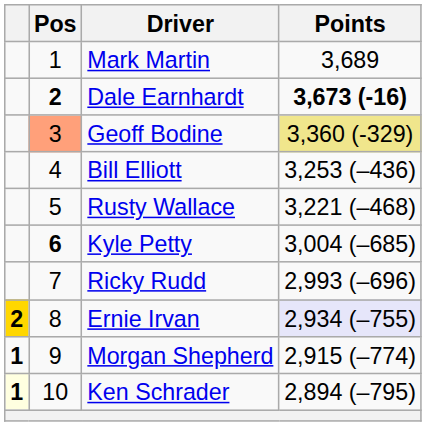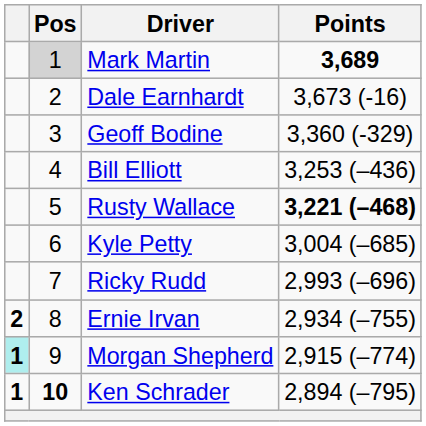 <table class="wikitable" style="font-size: 95%;">
 <tr>
 <th></th>
 <th>Pos</th>
 <th>Driver</th>
 <th>Points</th>
 </tr>
 <tr>
 <td align="left"></td>
-<td style="text-align:center;">1</td>
+<td style="background: lightgrey; text-align:center;">1</td>
 <td><a href='#'>Mark Martin</a></td>
-<td style="text-align:center;">3,689</td>
+<td style="text-align:center;"><strong>3,689</strong></td>
 </tr>
 <tr>
 <td align="left"></td>
-<td style="text-align:center;"><strong>2</strong></td>
+<td style="text-align:center;">2</td>
 <td><a href='#'>Dale Earnhardt</a></td>
-<td style="text-align:center;"><strong>3,673 (-16)</strong></td>
+<td style="text-align:center;">3,673 (-16)</td>
 </tr>
 <tr>
 <td align="left"></td>
-<td style="background: lightsalmon; text-align:center;">3</td>
+<td style="text-align:center;">3</td>
 <td><a href='#'>Geoff Bodine</a></td>
-<td style="background: khaki; text-align:center;">3,360 (-329)</td>
+<td style="text-align:center;">3,360 (-329)</td>
 </tr>
 <tr>
 <td align="left"></td>
 <td style="text-align:center;">4</td>
 <td><a href='#'>Bill Elliott</a></td>
 <td style="text-align:center;">3,253 (–436)</td>
 </tr>
 <tr>
 <td align="left"></td>
 <td style="text-align:center;">5</td>
 <td><a href='#'>Rusty Wallace</a></td>
-<td style="text-align:center;">3,221 (–468)</td>
+<td style="text-align:center;"><strong>3,221 (–468)</strong></td>
 </tr>
 <tr>
 <td align="left"></td>
-<td style="text-align:center;"><strong>6</strong></td>
+<td style="text-align:center;">6</td>
 <td><a href='#'>Kyle Petty</a></td>
 <td style="text-align:center;">3,004 (–685)</td>
 </tr>
 <tr>
 <td align="left"></td>
 <td style="text-align:center;">7</td>
 <td><a href='#'>Ricky Rudd</a></td>
 <td style="text-align:center;">2,993 (–696)</td>
 </tr>
 <tr>
-<td align="left" style="background: gold;">  <strong>2</strong></td>
+<td align="left">  <strong>2</strong></td>
 <td style="text-align:center;">8</td>
 <td><a href='#'>Ernie Irvan</a></td>
-<td style="background: lavender; text-align:center;">2,934 (–755)</td>
+<td style="text-align:center;">2,934 (–755)</td>
 </tr>
 <tr>
-<td align="left">  <strong>1</strong></td>
+<td align="left" style="background: paleturquoise;">  <strong>1</strong></td>
 <td style="text-align:center;">9</td>
 <td><a href='#'>Morgan Shepherd</a></td>
 <td style="text-align:center;">2,915 (–774)</td>
 </tr>
 <tr>
-<td align="left" style="background: lightyellow;">  <strong>1</strong></td>
-<td style="text-align:center;">10</td>
+<td align="left">  <strong>1</strong></td>
+<td style="text-align:center;"><strong>10</strong></td>
 <td><a href='#'>Ken Schrader</a></td>
 <td style="text-align:center;">2,894 (–795)</td>
 </tr>
 <tr class="sortbottom">
 <th colspan="9"></th>
 </tr>
 </table>
